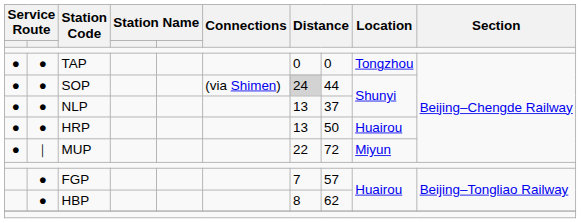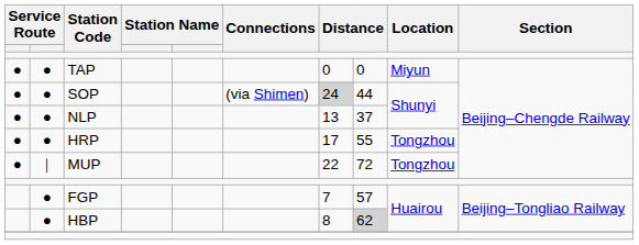 <table class="wikitable">
 <tr>
 <th colspan="2">Service<br>Route</th>
 <th rowspan="2">Station<br>Code</th>
 <th colspan="2">Station Name</th>
 <th rowspan="2">Connections</th>
 <th colspan="2" rowspan="2">Distance<br></th>
 <th rowspan="2">Location</th>
 <th rowspan="2">Section</th>
 </tr>
 <tr>
 <th></th>
 <th></th>
 <th></th>
 <th></th>
 </tr>
 <tr style="background:#">
 <td colspan = "10"></td>
 </tr>
 <tr>
 <td align="center">●</td>
 <td align="center">●</td>
 <td>TAP</td>
 <td><br></td>
 <td></td>
 <td></td>
 <td>0</td>
 <td>0</td>
-<td><a href='#'>Tongzhou</a></td>
+<td><a href='#'>Miyun</a></td>
 <td rowspan="5"><a href='#'>Beijing–Chengde Railway</a></td>
 </tr>
 <tr>
 <td align="center">●</td>
 <td align="center">●</td>
 <td>SOP</td>
 <td></td>
 <td></td>
 <td>  (via <a href='#'>Shimen</a>)</td>
 <td style="background: lightgrey;">24</td>
 <td>44</td>
 <td rowspan="2"><a href='#'>Shunyi</a></td>
 </tr>
 <tr>
 <td align="center">●</td>
 <td align="center">●</td>
 <td>NLP</td>
 <td></td>
 <td></td>
 <td></td>
 <td>13</td>
 <td>37</td>
 </tr>
 <tr>
 <td align="center">●</td>
 <td align="center">●</td>
 <td>HRP</td>
 <td></td>
 <td></td>
 <td></td>
-<td>13</td>
-<td>50</td>
-<td><a href='#'>Huairou</a></td>
+<td>17</td>
+<td>55</td>
+<td><a href='#'>Tongzhou</a></td>
 </tr>
 <tr>
 <td align="center">●</td>
 <td align="center">｜</td>
 <td>MUP</td>
 <td><br></td>
 <td></td>
 <td></td>
 <td>22</td>
 <td>72</td>
-<td><a href='#'>Miyun</a></td>
+<td><a href='#'>Tongzhou</a></td>
 </tr>
 <tr style="background:#">
 <td colspan = "10"></td>
 </tr>
 <tr>
 <td align="center"></td>
 <td align="center">●</td>
 <td>FGP</td>
 <td></td>
 <td></td>
 <td></td>
 <td>7</td>
 <td>57</td>
 <td rowspan="2"><a href='#'>Huairou</a></td>
 <td rowspan="2"><a href='#'>Beijing–Tongliao Railway</a></td>
 </tr>
 <tr>
 <td align="center"></td>
 <td align="center">●</td>
 <td>HBP</td>
 <td><br></td>
 <td></td>
 <td></td>
 <td>8</td>
-<td>62</td>
+<td style="background: lightgrey;">62</td>
 </tr>
 <tr>
 </tr>
 <tr style="background:#">
 <td colspan = "10"></td>
 </tr>
 </table>
